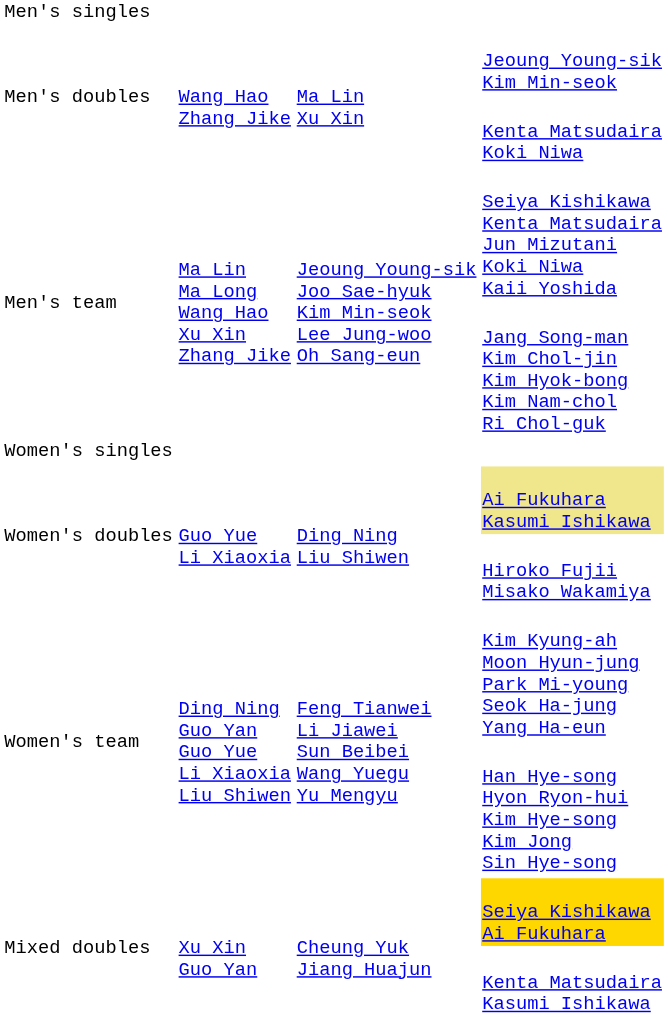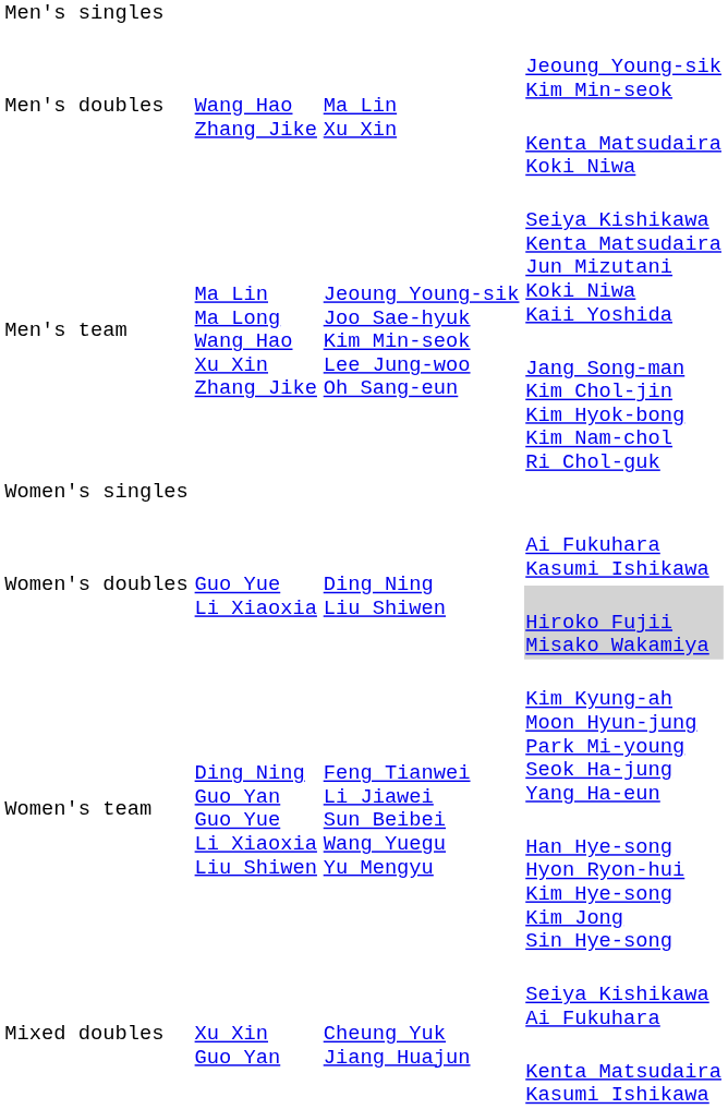 <table>
 <tr>
 <td rowspan=2>Men's singles<br></td>
 <td rowspan=2></td>
 <td rowspan=2></td>
 <td></td>
 </tr>
 <tr>
 <td></td>
 </tr>
 <tr>
 <td rowspan=2>Men's doubles<br></td>
 <td rowspan=2><br><a href='#'>Wang Hao</a><br><a href='#'>Zhang Jike</a></td>
 <td rowspan=2><br><a href='#'>Ma Lin</a><br><a href='#'>Xu Xin</a></td>
 <td><br><a href='#'>Jeoung Young-sik</a><br><a href='#'>Kim Min-seok</a></td>
 </tr>
 <tr>
 <td><br><a href='#'>Kenta Matsudaira</a><br><a href='#'>Koki Niwa</a></td>
 </tr>
 <tr>
 <td rowspan=2>Men's team<br></td>
 <td rowspan=2><br><a href='#'>Ma Lin</a><br><a href='#'>Ma Long</a><br><a href='#'>Wang Hao</a><br><a href='#'>Xu Xin</a><br><a href='#'>Zhang Jike</a></td>
 <td rowspan=2><br><a href='#'>Jeoung Young-sik</a><br><a href='#'>Joo Sae-hyuk</a><br><a href='#'>Kim Min-seok</a><br><a href='#'>Lee Jung-woo</a><br><a href='#'>Oh Sang-eun</a></td>
 <td><br><a href='#'>Seiya Kishikawa</a><br><a href='#'>Kenta Matsudaira</a><br><a href='#'>Jun Mizutani</a><br><a href='#'>Koki Niwa</a><br><a href='#'>Kaii Yoshida</a></td>
 </tr>
 <tr>
 <td><br><a href='#'>Jang Song-man</a><br><a href='#'>Kim Chol-jin</a><br><a href='#'>Kim Hyok-bong</a><br><a href='#'>Kim Nam-chol</a><br><a href='#'>Ri Chol-guk</a></td>
 </tr>
 <tr>
 <td rowspan=2>Women's singles<br></td>
 <td rowspan=2></td>
 <td rowspan=2></td>
 <td></td>
 </tr>
 <tr>
 <td></td>
 </tr>
 <tr>
 <td rowspan=2>Women's doubles<br></td>
 <td rowspan=2><br><a href='#'>Guo Yue</a><br><a href='#'>Li Xiaoxia</a></td>
 <td rowspan=2><br><a href='#'>Ding Ning</a><br><a href='#'>Liu Shiwen</a></td>
-<td style="background: khaki;"><br><a href='#'>Ai Fukuhara</a><br><a href='#'>Kasumi Ishikawa</a></td>
+<td><br><a href='#'>Ai Fukuhara</a><br><a href='#'>Kasumi Ishikawa</a></td>
 </tr>
 <tr>
-<td><br><a href='#'>Hiroko Fujii</a><br><a href='#'>Misako Wakamiya</a></td>
+<td style="background: lightgrey;"><br><a href='#'>Hiroko Fujii</a><br><a href='#'>Misako Wakamiya</a></td>
 </tr>
 <tr>
 <td rowspan=2>Women's team<br></td>
 <td rowspan=2><br><a href='#'>Ding Ning</a><br><a href='#'>Guo Yan</a><br><a href='#'>Guo Yue</a><br><a href='#'>Li Xiaoxia</a><br><a href='#'>Liu Shiwen</a></td>
 <td rowspan=2><br><a href='#'>Feng Tianwei</a><br><a href='#'>Li Jiawei</a><br><a href='#'>Sun Beibei</a><br><a href='#'>Wang Yuegu</a><br><a href='#'>Yu Mengyu</a></td>
 <td><br><a href='#'>Kim Kyung-ah</a><br><a href='#'>Moon Hyun-jung</a><br><a href='#'>Park Mi-young</a><br><a href='#'>Seok Ha-jung</a><br><a href='#'>Yang Ha-eun</a></td>
 </tr>
 <tr>
 <td><br><a href='#'>Han Hye-song</a><br><a href='#'>Hyon Ryon-hui</a><br><a href='#'>Kim Hye-song</a><br><a href='#'>Kim Jong</a><br><a href='#'>Sin Hye-song</a></td>
 </tr>
 <tr>
 <td rowspan=2>Mixed doubles<br></td>
 <td rowspan=2><br><a href='#'>Xu Xin</a><br><a href='#'>Guo Yan</a></td>
 <td rowspan=2><br><a href='#'>Cheung Yuk</a><br><a href='#'>Jiang Huajun</a></td>
-<td style="background: gold;"><br><a href='#'>Seiya Kishikawa</a><br><a href='#'>Ai Fukuhara</a></td>
+<td><br><a href='#'>Seiya Kishikawa</a><br><a href='#'>Ai Fukuhara</a></td>
 </tr>
 <tr>
 <td><br><a href='#'>Kenta Matsudaira</a><br><a href='#'>Kasumi Ishikawa</a></td>
 </tr>
 </table>
